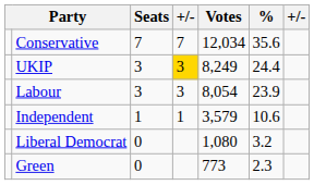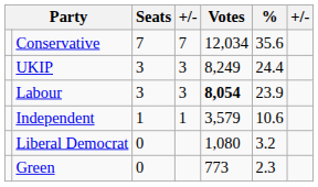 <table class="wikitable">
 <tr>
 <th colspan="2">Party</th>
 <th>Seats</th>
 <th>+/-</th>
 <th>Votes</th>
 <th>%</th>
 <th>+/-</th>
 </tr>
 <tr>
 <td style="background-color: "></td>
 <td><a href='#'>Conservative</a></td>
 <td>7</td>
 <td> 7</td>
 <td>12,034</td>
 <td>35.6</td>
 <td style="color:red"></td>
 </tr>
 <tr>
 <td style="background-color:"></td>
 <td><a href='#'>UKIP</a></td>
 <td>3</td>
-<td style="background: gold;"> 3</td>
+<td> 3</td>
 <td>8,249</td>
 <td>24.4</td>
 <td style="color:green"></td>
 </tr>
 <tr>
 <td style="background-color: "></td>
 <td><a href='#'>Labour</a></td>
 <td>3</td>
 <td> 3</td>
-<td>8,054</td>
+<td><strong>8,054</strong></td>
 <td>23.9</td>
 <td style="color:green"></td>
 </tr>
 <tr>
 <td style="background-color: "></td>
 <td><a href='#'>Independent</a></td>
 <td>1</td>
 <td> 1</td>
 <td>3,579</td>
 <td>10.6</td>
 <td style="color:red"></td>
 </tr>
 <tr>
 <td style="background-color: "></td>
 <td><a href='#'>Liberal Democrat</a></td>
 <td>0</td>
 <td></td>
 <td>1,080</td>
 <td>3.2</td>
 <td style="color:red"></td>
 </tr>
 <tr>
 <td style="background-color: "></td>
 <td><a href='#'>Green</a></td>
 <td>0</td>
 <td></td>
 <td>773</td>
 <td>2.3</td>
 <td style="color:red"></td>
 </tr>
 </table>
